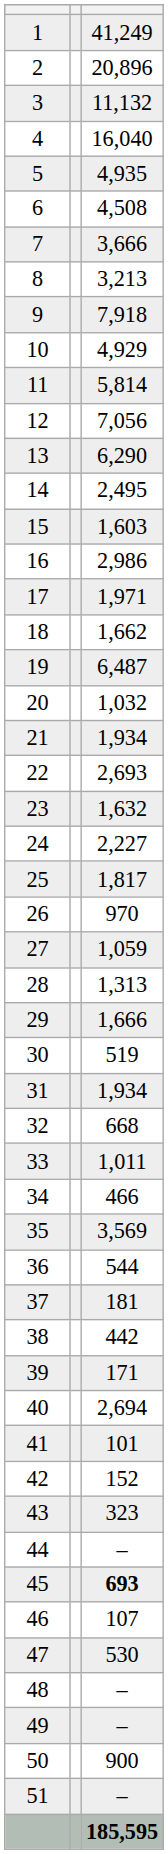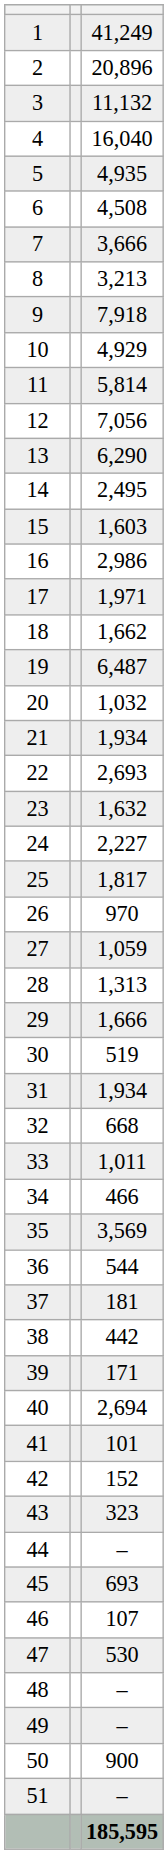 <table class="wikitable sortable">
 <tr style="background:#b2beb5; vertical-align:bottom;">
 <th style="width:40px"></th>
 <th></th>
 <th></th>
 </tr>
 <tr style="text-align:center; background:#eee;">
 <td>1</td>
 <td align=left><strong></strong></td>
 <td>41,249</td>
 </tr>
 <tr style="text-align:center; background:#fff;">
 <td>2</td>
 <td align=left><strong></strong></td>
 <td>20,896</td>
 </tr>
 <tr style="text-align:center; background:#eee;">
 <td>3</td>
 <td align=left><strong></strong></td>
 <td>11,132</td>
 </tr>
 <tr style="text-align:center; background:#fff;">
 <td>4</td>
 <td align=left><strong></strong></td>
 <td>16,040</td>
 </tr>
 <tr style="text-align:center; background:#eee;">
 <td>5</td>
 <td align=left><strong></strong></td>
 <td>4,935</td>
 </tr>
 <tr style="text-align:center; background:#fff;">
 <td>6</td>
 <td align=left><strong></strong></td>
 <td>4,508</td>
 </tr>
 <tr style="text-align:center; background:#eee;">
 <td>7</td>
 <td align=left><strong></strong></td>
 <td>3,666</td>
 </tr>
 <tr style="text-align:center; background:#fff;">
 <td>8</td>
 <td align=left><strong></strong></td>
 <td>3,213</td>
 </tr>
 <tr style="text-align:center; background:#eee;">
 <td>9</td>
 <td align=left><strong></strong></td>
 <td>7,918</td>
 </tr>
 <tr style="text-align:center; background:#fff;">
 <td>10</td>
 <td align=left><strong></strong></td>
 <td>4,929</td>
 </tr>
 <tr style="text-align:center; background:#eee;">
 <td>11</td>
 <td align=left><strong></strong></td>
 <td>5,814</td>
 </tr>
 <tr style="text-align:center; background:#fff;">
 <td>12</td>
 <td align=left><strong></strong></td>
 <td>7,056</td>
 </tr>
 <tr style="text-align:center; background:#eee;">
 <td>13</td>
 <td align=left><strong></strong></td>
 <td>6,290</td>
 </tr>
 <tr style="text-align:center; background:#fff;">
 <td>14</td>
 <td align=left><strong></strong></td>
 <td>2,495</td>
 </tr>
 <tr style="text-align:center; background:#eee;">
 <td>15</td>
 <td align=left><strong></strong></td>
 <td>1,603</td>
 </tr>
 <tr style="text-align:center; background:#fff;">
 <td>16</td>
 <td align=left><strong></strong></td>
 <td>2,986</td>
 </tr>
 <tr style="text-align:center; background:#eee;">
 <td>17</td>
 <td align=left><strong></strong></td>
 <td>1,971</td>
 </tr>
 <tr style="text-align:center; background:#fff;">
 <td>18</td>
 <td align=left><strong></strong></td>
 <td>1,662</td>
 </tr>
 <tr style="text-align:center; background:#eee;">
 <td>19</td>
 <td align=left><strong></strong></td>
 <td>6,487</td>
 </tr>
 <tr style="text-align:center; background:#fff;">
 <td>20</td>
 <td align=left><strong></strong></td>
 <td>1,032</td>
 </tr>
 <tr style="text-align:center; background:#eee;">
 <td>21</td>
 <td align=left><strong></strong></td>
 <td>1,934</td>
 </tr>
 <tr style="text-align:center; background:#fff;">
 <td>22</td>
 <td align=left><strong></strong></td>
 <td>2,693</td>
 </tr>
 <tr style="text-align:center; background:#eee;">
 <td>23</td>
 <td align=left><strong></strong></td>
 <td>1,632</td>
 </tr>
 <tr style="text-align:center; background:#fff;">
 <td>24</td>
 <td align=left><strong></strong></td>
 <td>2,227</td>
 </tr>
 <tr style="text-align:center; background:#eee;">
 <td>25</td>
 <td align=left><strong></strong></td>
 <td>1,817</td>
 </tr>
 <tr style="text-align:center; background:#fff;">
 <td>26</td>
 <td align=left><strong></strong></td>
 <td>970</td>
 </tr>
 <tr style="text-align:center; background:#eee;">
 <td>27</td>
 <td align=left><strong></strong></td>
 <td>1,059</td>
 </tr>
 <tr style="text-align:center; background:#fff;">
 <td>28</td>
 <td align=left><strong></strong></td>
 <td>1,313</td>
 </tr>
 <tr style="text-align:center; background:#eee;">
 <td>29</td>
 <td align=left><strong></strong></td>
 <td>1,666</td>
 </tr>
 <tr style="text-align:center; background:#fff;">
 <td>30</td>
 <td align=left><strong></strong></td>
 <td>519</td>
 </tr>
 <tr style="text-align:center; background:#eee;">
 <td>31</td>
 <td align=left><strong></strong></td>
 <td>1,934</td>
 </tr>
 <tr style="text-align:center; background:#fff;">
 <td>32</td>
 <td align=left><strong></strong></td>
 <td>668</td>
 </tr>
 <tr style="text-align:center; background:#eee;">
 <td>33</td>
 <td align=left><strong></strong></td>
 <td>1,011</td>
 </tr>
 <tr style="text-align:center; background:#fff;">
 <td>34</td>
 <td align=left><strong></strong></td>
 <td>466</td>
 </tr>
 <tr style="text-align:center; background:#eee;">
 <td>35</td>
 <td align=left><strong></strong></td>
 <td>3,569</td>
 </tr>
 <tr style="text-align:center; background:#fff;">
 <td>36</td>
 <td align=left><strong></strong></td>
 <td>544</td>
 </tr>
 <tr style="text-align:center; background:#eee;">
 <td>37</td>
 <td align=left><strong></strong></td>
 <td>181</td>
 </tr>
 <tr style="text-align:center; background:#fff;">
 <td>38</td>
 <td align=left><strong></strong></td>
 <td>442</td>
 </tr>
 <tr style="text-align:center; background:#eee;">
 <td>39</td>
 <td align=left><strong></strong></td>
 <td>171</td>
 </tr>
 <tr style="text-align:center; background:#fff;">
 <td>40</td>
 <td align=left><strong></strong></td>
 <td>2,694</td>
 </tr>
 <tr style="text-align:center; background:#eee;">
 <td>41</td>
 <td align=left><strong></strong></td>
 <td>101</td>
 </tr>
 <tr style="text-align:center; background:#fff;">
 <td>42</td>
 <td align=left><strong></strong></td>
 <td>152</td>
 </tr>
 <tr style="text-align:center; background:#eee;">
 <td>43</td>
 <td align=left><strong></strong></td>
 <td>323</td>
 </tr>
 <tr style="text-align:center; background:#fff;">
 <td>44</td>
 <td align=left><strong></strong></td>
 <td>–</td>
 </tr>
 <tr style="text-align:center; background:#eee;">
 <td>45</td>
 <td align=left><strong></strong></td>
-<td><strong>693</strong></td>
+<td>693</td>
 </tr>
 <tr style="text-align:center; background:#fff;">
 <td>46</td>
 <td align=left><strong></strong></td>
 <td>107</td>
 </tr>
 <tr style="text-align:center; background:#eee;">
 <td>47</td>
 <td align=left><strong></strong></td>
 <td>530</td>
 </tr>
 <tr style="text-align:center; background:#fff;">
 <td>48</td>
 <td align=left><strong></strong></td>
 <td>–</td>
 </tr>
 <tr style="text-align:center; background:#eee;">
 <td>49</td>
 <td align=left><strong></strong></td>
 <td>–</td>
 </tr>
 <tr style="text-align:center; background:#fff;">
 <td>50</td>
 <td align=left><strong></strong></td>
 <td>900</td>
 </tr>
 <tr style="text-align:center; background:#eee;">
 <td>51</td>
 <td align=left><strong></strong></td>
 <td>–</td>
 </tr>
 <tr style="text-align:center; background:#b2beb5;" class="sortbottom">
 <td> </td>
 <td align=left><strong></strong></td>
 <td><strong>185,595</strong></td>
 </tr>
 </table>
